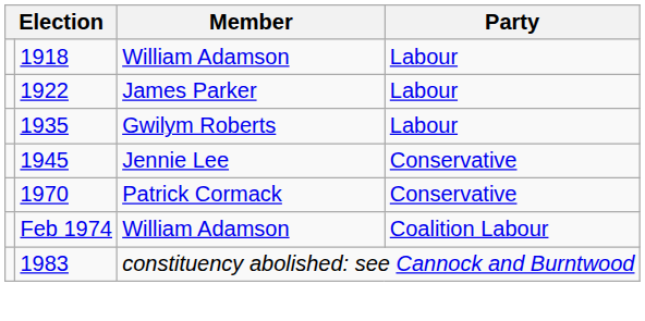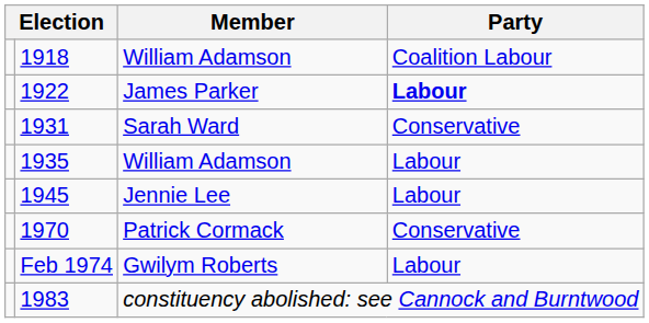 <table class="wikitable">
 <tr>
 <th colspan="2">Election</th>
 <th>Member</th>
 <th>Party</th>
 </tr>
 <tr>
 <td style="color:inherit;background-color: "></td>
 <td><a href='#'>1918</a></td>
 <td><a href='#'>William Adamson</a></td>
-<td><a href='#'>Labour</a></td>
+<td><a href='#'>Coalition Labour</a></td>
 </tr>
 <tr>
 <td style="color:inherit;background-color: "></td>
 <td><a href='#'>1922</a></td>
 <td><a href='#'>James Parker</a></td>
-<td><a href='#'>Labour</a></td>
+<td><strong><a href='#'>Labour</a></strong></td>
+</tr>
+<tr>
+<td style="color:inherit;background-color: "></td>
+<td><a href='#'>1931</a></td>
+<td><a href='#'>Sarah Ward</a></td>
+<td><a href='#'>Conservative</a></td>
 </tr>
 <tr>
 <td style="color:inherit;background-color: "></td>
 <td><a href='#'>1935</a></td>
-<td><a href='#'>Gwilym Roberts</a></td>
+<td><a href='#'>William Adamson</a></td>
 <td><a href='#'>Labour</a></td>
 </tr>
 <tr>
 <td style="color:inherit;background-color: "></td>
 <td><a href='#'>1945</a></td>
 <td><a href='#'>Jennie Lee</a></td>
-<td><a href='#'>Conservative</a></td>
+<td><a href='#'>Labour</a></td>
 </tr>
 <tr>
 <td style="color:inherit;background-color: "></td>
 <td><a href='#'>1970</a></td>
 <td><a href='#'>Patrick Cormack</a></td>
 <td><a href='#'>Conservative</a></td>
 </tr>
 <tr>
 <td style="color:inherit;background-color: "></td>
 <td><a href='#'>Feb 1974</a></td>
-<td><a href='#'>William Adamson</a></td>
-<td><a href='#'>Coalition Labour</a></td>
+<td><a href='#'>Gwilym Roberts</a></td>
+<td><a href='#'>Labour</a></td>
 </tr>
 <tr>
 <td></td>
 <td><a href='#'>1983</a></td>
 <td colspan="2"><em>constituency abolished: see <a href='#'>Cannock and Burntwood</a></em></td>
 </tr>
 </table>
